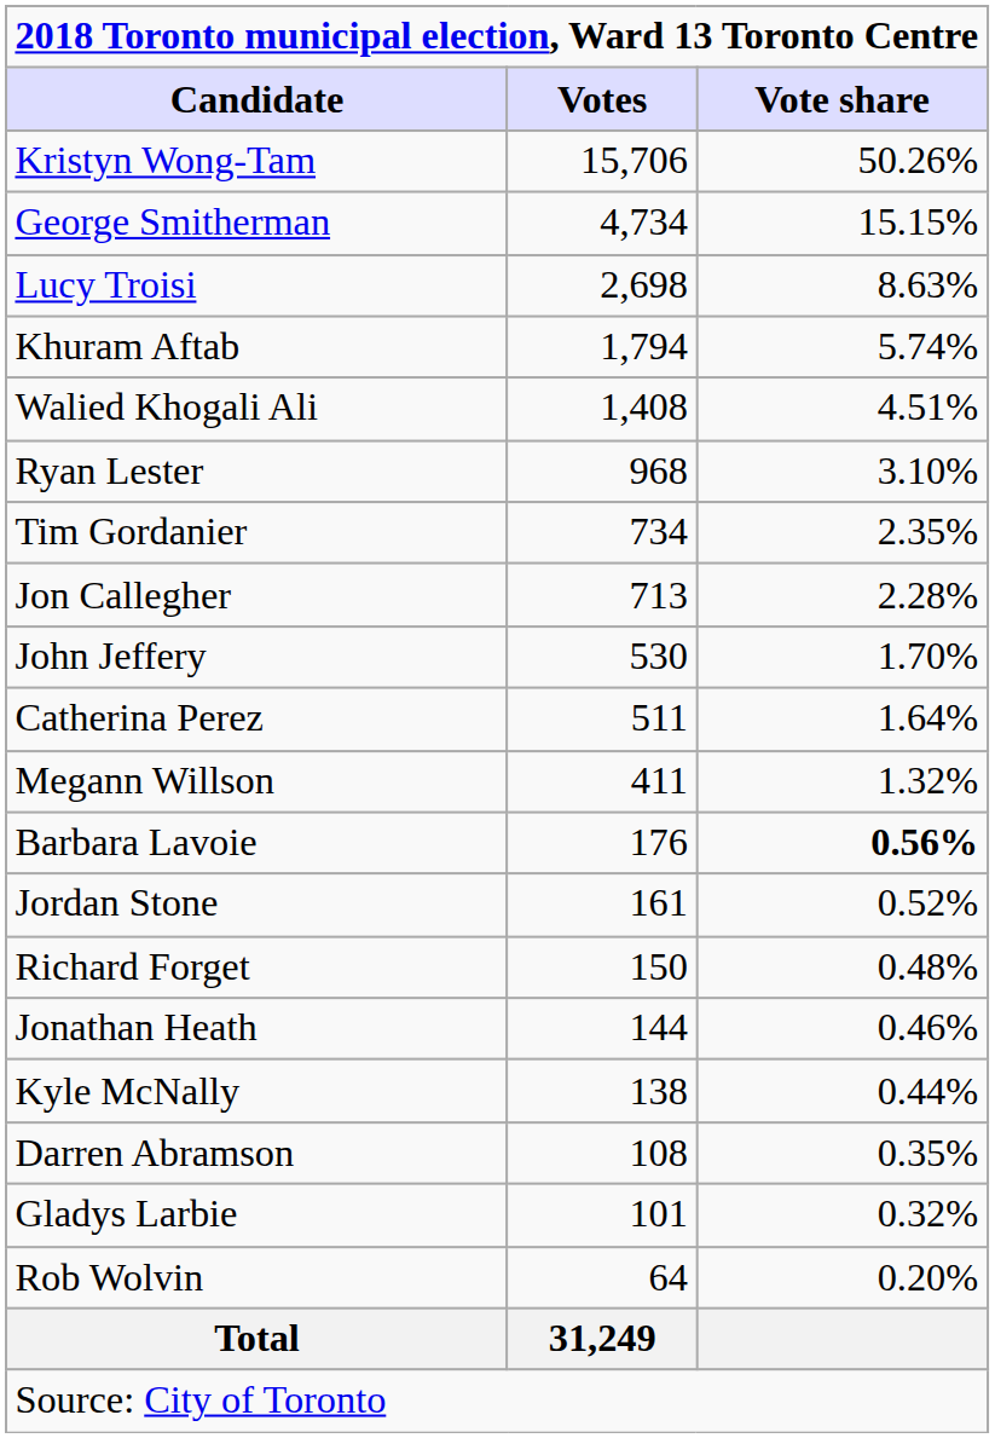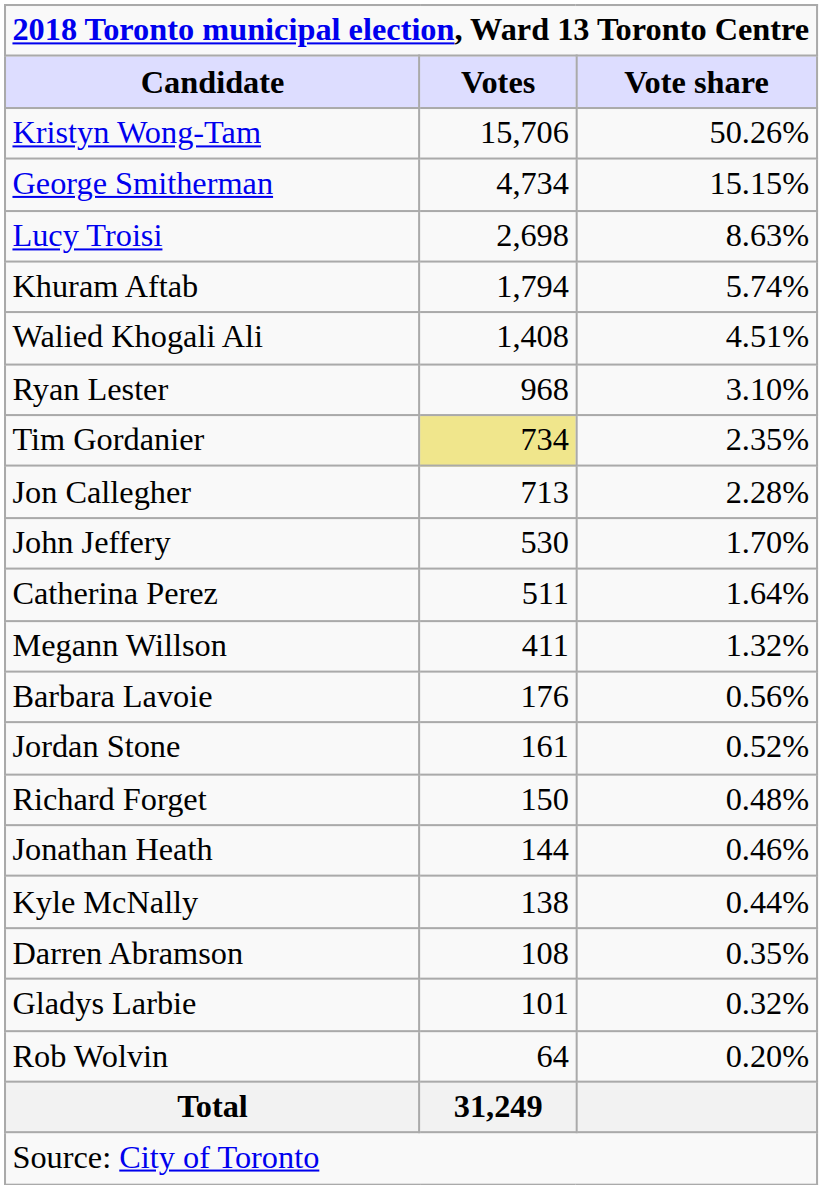 <table class="wikitable plainrowheaders">
 <tr>
 <td colspan="3"><strong><a href='#'>2018 Toronto municipal election</a>, Ward 13 Toronto Centre</strong></td>
 </tr>
 <tr>
 <th scope="col" style="background:#ddf;">Candidate</th>
 <th scope="col" style="background:#ddf;">Votes</th>
 <th scope="col" style="background:#ddf;">Vote share</th>
 </tr>
 <tr>
 <td scope="row"><a href='#'>Kristyn Wong-Tam</a></td>
 <td align="right">15,706</td>
 <td align="right">50.26%</td>
 </tr>
 <tr>
 <td scope="row"><a href='#'>George Smitherman</a></td>
 <td align="right">4,734</td>
 <td align="right">15.15%</td>
 </tr>
 <tr>
 <td scope="row"><a href='#'>Lucy Troisi</a></td>
 <td align="right">2,698</td>
 <td align="right">8.63%</td>
 </tr>
 <tr>
 <td scope="row">Khuram Aftab</td>
 <td align="right">1,794</td>
 <td align="right">5.74%</td>
 </tr>
 <tr>
 <td scope="row">Walied Khogali Ali</td>
 <td align="right">1,408</td>
 <td align="right">4.51%</td>
 </tr>
 <tr>
 <td>Ryan Lester</td>
 <td align="right">968</td>
 <td align="right">3.10%</td>
 </tr>
 <tr>
 <td>Tim Gordanier</td>
-<td align="right">734</td>
+<td align="right" style="background: khaki;">734</td>
 <td align="right">2.35%</td>
 </tr>
 <tr>
 <td>Jon Callegher</td>
 <td align="right">713</td>
 <td align="right">2.28%</td>
 </tr>
 <tr>
 <td>John Jeffery</td>
 <td align="right">530</td>
 <td align="right">1.70%</td>
 </tr>
 <tr>
 <td>Catherina Perez</td>
 <td align="right">511</td>
 <td align="right">1.64%</td>
 </tr>
 <tr>
 <td>Megann Willson</td>
 <td align="right">411</td>
 <td align="right">1.32%</td>
 </tr>
 <tr>
 <td scope="row">Barbara Lavoie</td>
 <td align="right">176</td>
-<td align="right"><strong>0.56%</strong></td>
+<td align="right">0.56%</td>
 </tr>
 <tr>
 <td>Jordan Stone</td>
 <td align="right">161</td>
 <td align="right">0.52%</td>
 </tr>
 <tr>
 <td>Richard Forget</td>
 <td align="right">150</td>
 <td align="right">0.48%</td>
 </tr>
 <tr>
 <td>Jonathan Heath</td>
 <td align="right">144</td>
 <td align="right">0.46%</td>
 </tr>
 <tr>
 <td>Kyle McNally</td>
 <td align="right">138</td>
 <td align="right">0.44%</td>
 </tr>
 <tr>
 <td>Darren Abramson</td>
 <td align="right">108</td>
 <td align="right">0.35%</td>
 </tr>
 <tr>
 <td>Gladys Larbie</td>
 <td align="right">101</td>
 <td align="right">0.32%</td>
 </tr>
 <tr>
 <td>Rob Wolvin</td>
 <td align="right">64</td>
 <td align="right">0.20%</td>
 </tr>
 <tr>
 <th scope="row"><strong>Total</strong></th>
 <th align="right">31,249</th>
 <th align="right"></th>
 </tr>
 <tr>
 <td colspan="3">Source: <a href='#'>City of Toronto</a></td>
 </tr>
 </table>
